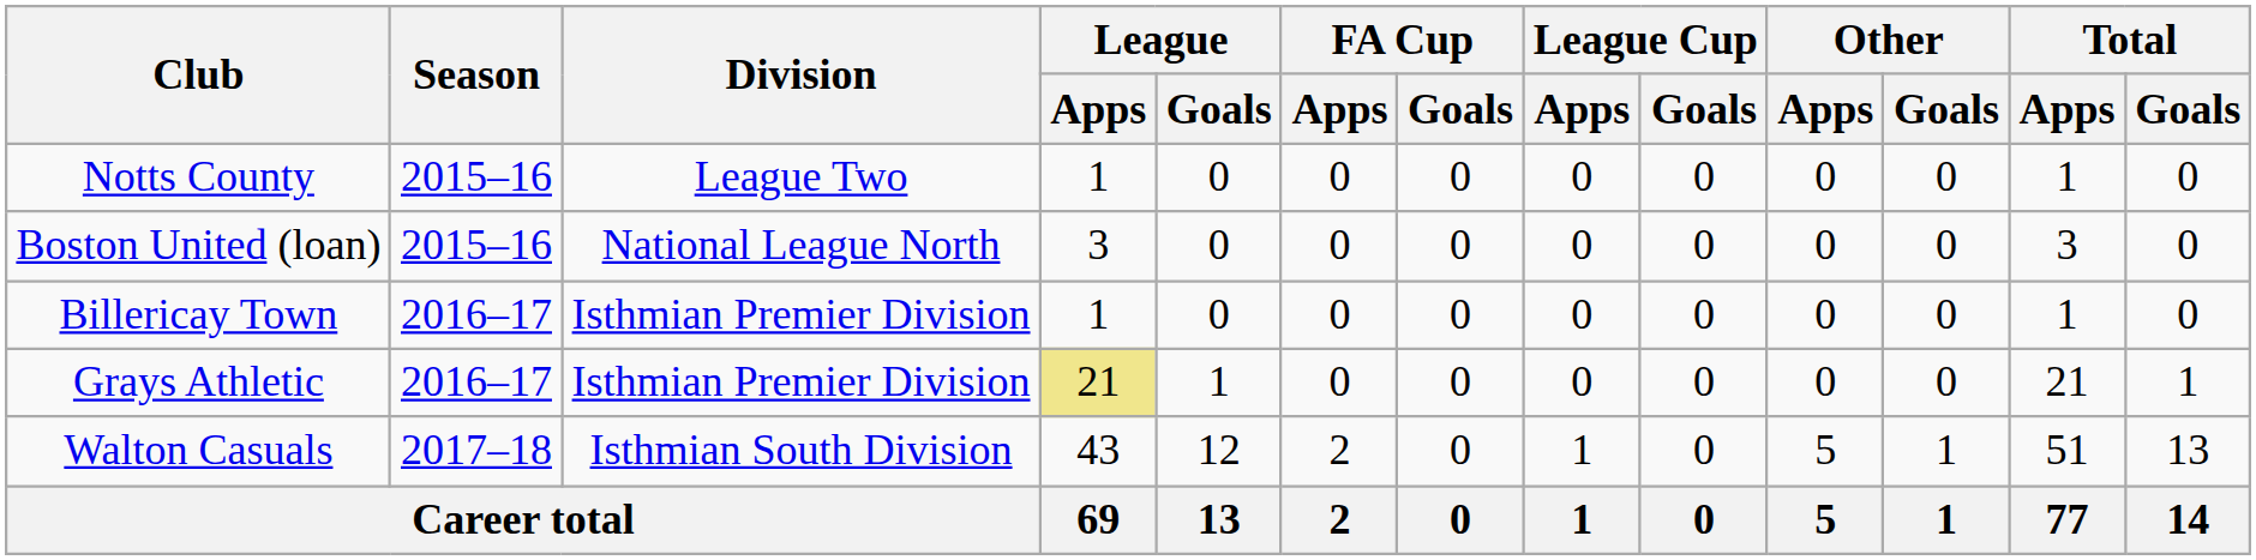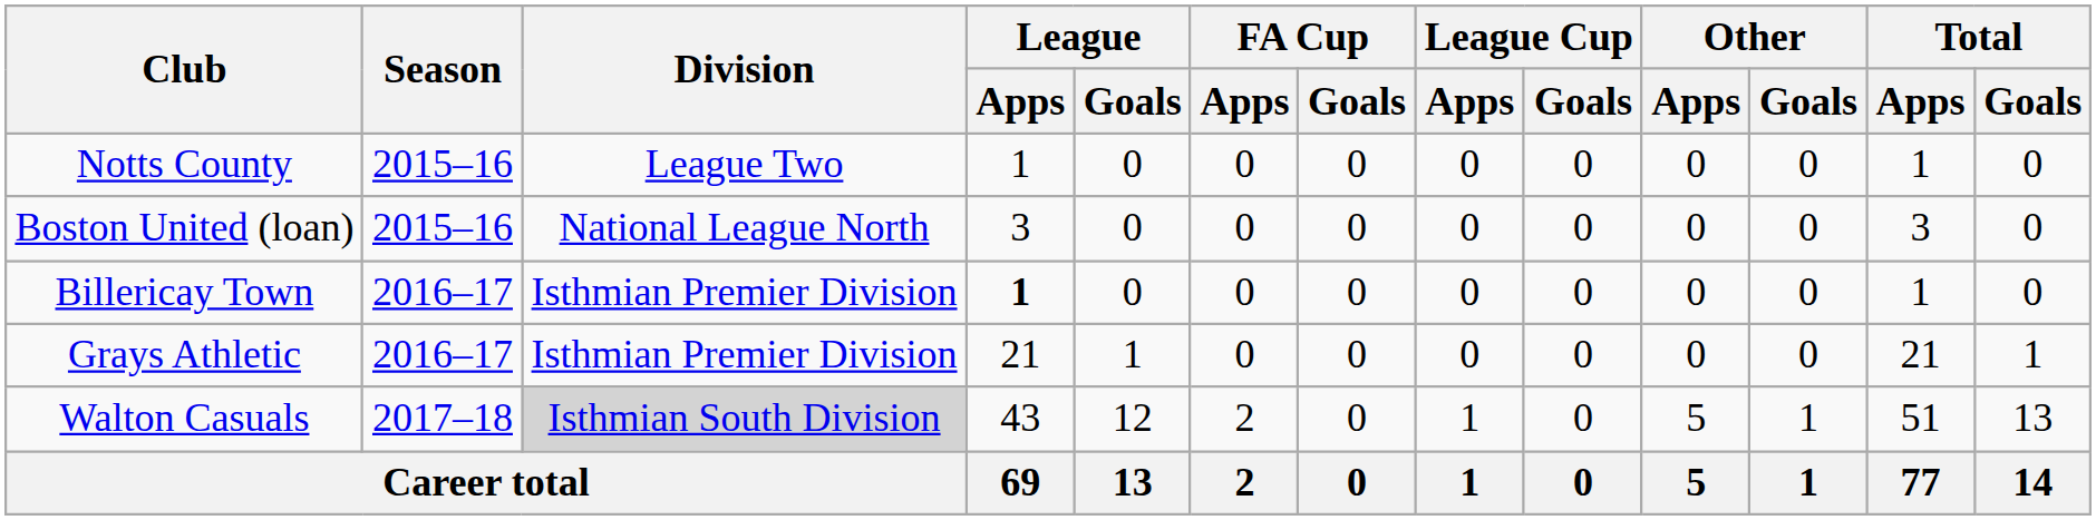 <table class="wikitable" style="text-align:center;">
 <tr>
 <th rowspan="2">Club</th>
 <th rowspan="2">Season</th>
 <th rowspan="2">Division</th>
 <th colspan="2">League</th>
 <th colspan="2">FA Cup</th>
 <th colspan="2">League Cup</th>
 <th colspan="2">Other</th>
 <th colspan="2">Total</th>
 </tr>
 <tr>
 <th>Apps</th>
 <th>Goals</th>
 <th>Apps</th>
 <th>Goals</th>
 <th>Apps</th>
 <th>Goals</th>
 <th>Apps</th>
 <th>Goals</th>
 <th>Apps</th>
 <th>Goals</th>
 </tr>
 <tr>
 <td><a href='#'>Notts County</a></td>
 <td><a href='#'>2015–16</a></td>
 <td><a href='#'>League Two</a></td>
 <td>1</td>
 <td>0</td>
 <td>0</td>
 <td>0</td>
 <td>0</td>
 <td>0</td>
 <td>0</td>
 <td>0</td>
 <td>1</td>
 <td>0</td>
 </tr>
 <tr>
 <td><a href='#'>Boston United</a> (loan)</td>
 <td><a href='#'>2015–16</a></td>
 <td><a href='#'>National League North</a></td>
 <td>3</td>
 <td>0</td>
 <td>0</td>
 <td>0</td>
 <td>0</td>
 <td>0</td>
 <td>0</td>
 <td>0</td>
 <td>3</td>
 <td>0</td>
 </tr>
 <tr>
 <td><a href='#'>Billericay Town</a></td>
 <td><a href='#'>2016–17</a></td>
 <td><a href='#'>Isthmian Premier Division</a></td>
-<td>1</td>
+<td><strong>1</strong></td>
 <td>0</td>
 <td>0</td>
 <td>0</td>
 <td>0</td>
 <td>0</td>
 <td>0</td>
 <td>0</td>
 <td>1</td>
 <td>0</td>
 </tr>
 <tr>
 <td><a href='#'>Grays Athletic</a></td>
 <td><a href='#'>2016–17</a></td>
 <td><a href='#'>Isthmian Premier Division</a></td>
-<td style="background: khaki;">21</td>
+<td>21</td>
 <td>1</td>
 <td>0</td>
 <td>0</td>
 <td>0</td>
 <td>0</td>
 <td>0</td>
 <td>0</td>
 <td>21</td>
 <td>1</td>
 </tr>
 <tr>
 <td><a href='#'>Walton Casuals</a></td>
 <td><a href='#'>2017–18</a></td>
-<td><a href='#'>Isthmian South Division</a></td>
+<td style="background: lightgrey;"><a href='#'>Isthmian South Division</a></td>
 <td>43</td>
 <td>12</td>
 <td>2</td>
 <td>0</td>
 <td>1</td>
 <td>0</td>
 <td>5</td>
 <td>1</td>
 <td>51</td>
 <td>13</td>
 </tr>
 <tr>
 <th colspan="3">Career total</th>
 <th>69</th>
 <th>13</th>
 <th>2</th>
 <th>0</th>
 <th>1</th>
 <th>0</th>
 <th>5</th>
 <th>1</th>
 <th>77</th>
 <th>14</th>
 </tr>
 </table>
